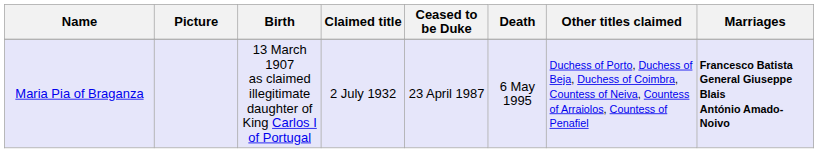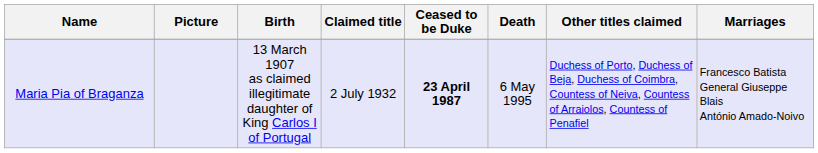 <table width=1000px class="wikitable">
 <tr>
 <th width=18%>Name</th>
 <th width=10%>Picture</th>
 <th width=10%>Birth</th>
 <th width=10%>Claimed title</th>
 <th width=10%>Ceased to be Duke</th>
 <th width=7%>Death</th>
 <th width=18%>Other titles claimed</th>
 <th width=14%>Marriages</th>
 </tr>
 <tr>
 </tr>
 <tr bgcolor=#E6E6FA>
 <td align="center"><a href='#'>Maria Pia of Braganza</a></td>
 <td align="center"></td>
 <td align="center">13 March 1907<br>as claimed illegitimate daughter of King <a href='#'>Carlos I of Portugal</a></td>
 <td align="center">2 July 1932</td>
-<td align="center">23 April 1987</td>
+<td align="center"><strong>23 April 1987</strong></td>
 <td align="center">6 May 1995</td>
 <td align="left"><small><a href='#'>Duchess of Porto</a>, <a href='#'>Duchess of Beja</a>, <a href='#'>Duchess of Coimbra</a>, <a href='#'>Countess of Neiva</a>, <a href='#'>Countess of Arraiolos</a>, <a href='#'>Countess of Penafiel</a></small></td>
-<td align="left"><strong><small>Francesco Batista</small><br><small>General Giuseppe Blais</small><br><small>António Amado-Noivo</small></strong></td>
+<td align="left"><small>Francesco Batista</small><br><small>General Giuseppe Blais</small><br><small>António Amado-Noivo</small></td>
 </tr>
 </table>
